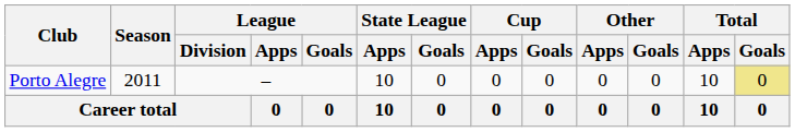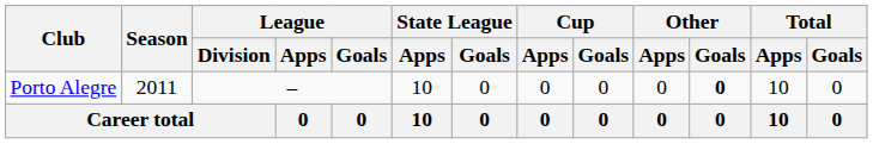 <table class="wikitable" style="text-align: center">
 <tr>
 <th rowspan="2">Club</th>
 <th rowspan="2">Season</th>
 <th colspan="3">League</th>
 <th colspan="2">State League</th>
 <th colspan="2">Cup</th>
 <th colspan="2">Other</th>
 <th colspan="2">Total</th>
 </tr>
 <tr>
 <th>Division</th>
 <th>Apps</th>
 <th>Goals</th>
 <th>Apps</th>
 <th>Goals</th>
 <th>Apps</th>
 <th>Goals</th>
 <th>Apps</th>
 <th>Goals</th>
 <th>Apps</th>
 <th>Goals</th>
 </tr>
 <tr>
 <td><a href='#'>Porto Alegre</a></td>
 <td>2011</td>
 <td colspan="3">–</td>
 <td>10</td>
 <td>0</td>
 <td>0</td>
 <td>0</td>
 <td>0</td>
+<td><strong>0</strong></td>
+<td>10</td>
 <td>0</td>
-<td>10</td>
-<td style="background: khaki;">0</td>
 </tr>
 <tr>
 <th colspan="3"><strong>Career total</strong></th>
 <th>0</th>
 <th>0</th>
 <th>10</th>
 <th>0</th>
 <th>0</th>
 <th>0</th>
 <th>0</th>
 <th>0</th>
 <th>10</th>
 <th>0</th>
 </tr>
 </table>
